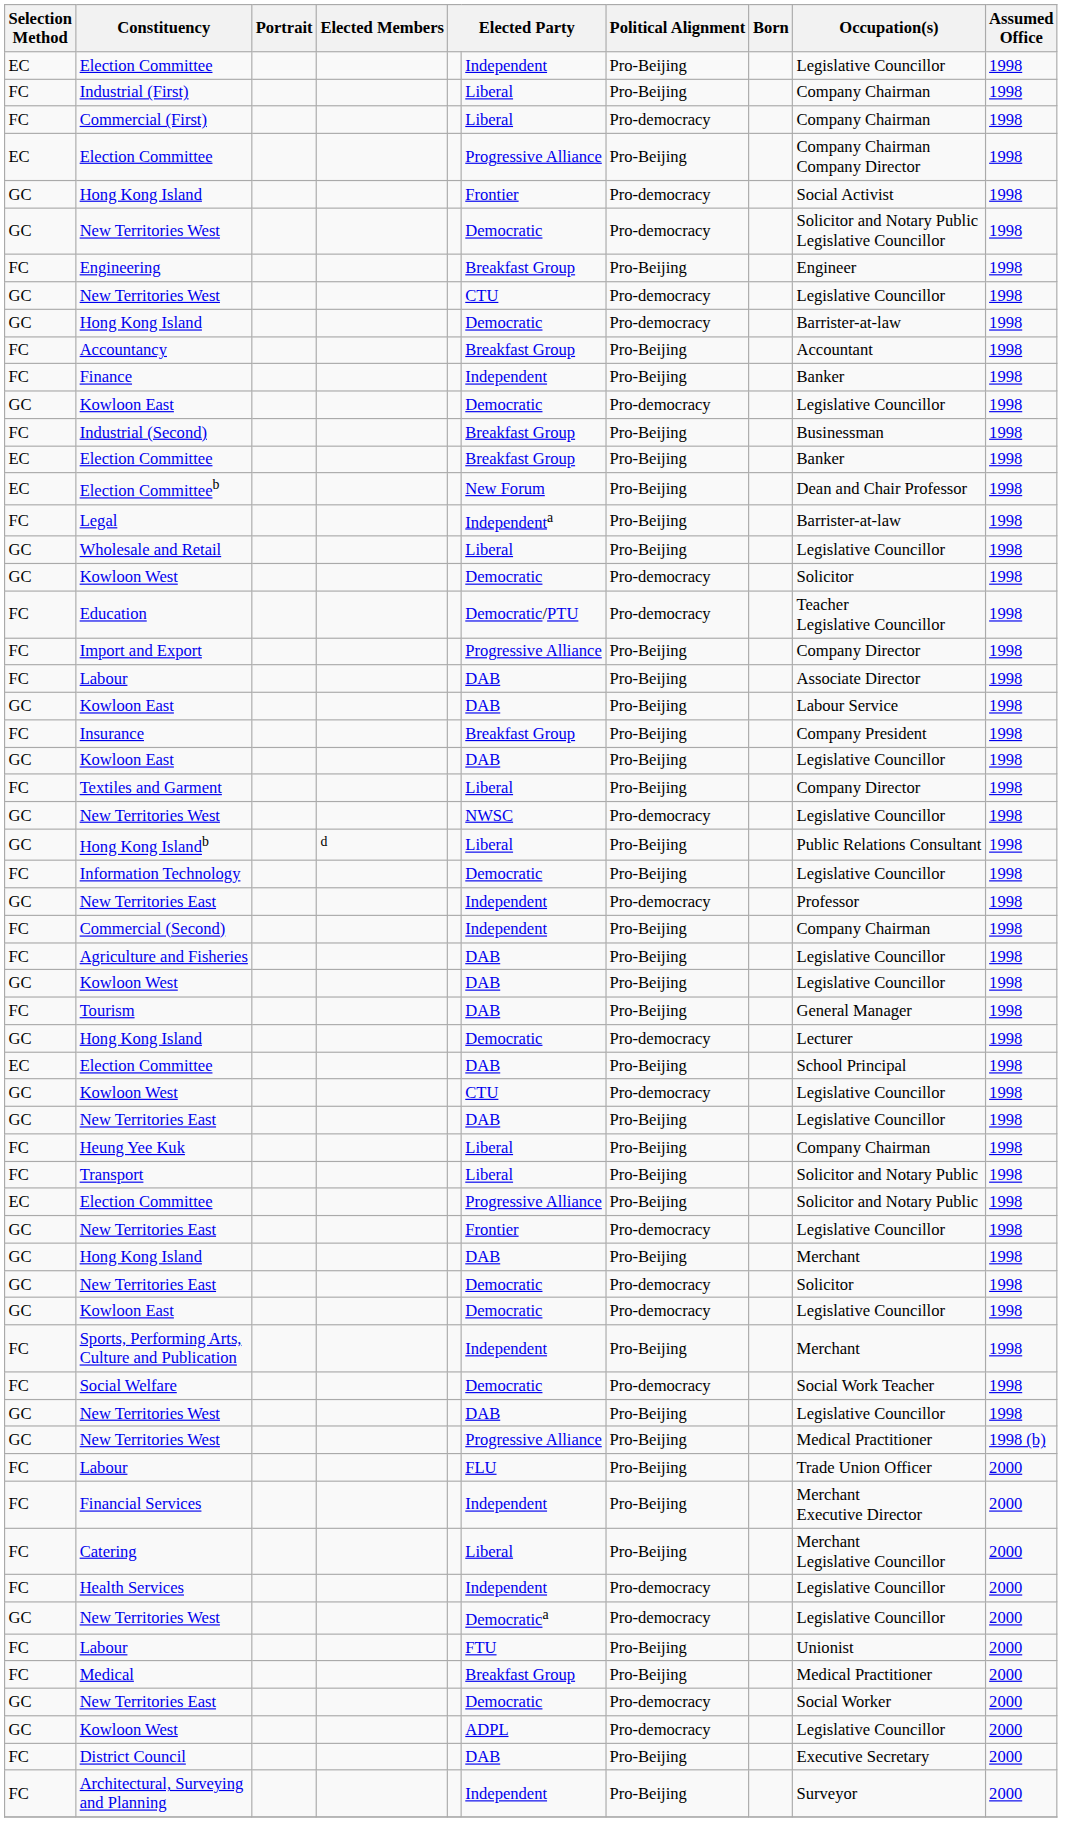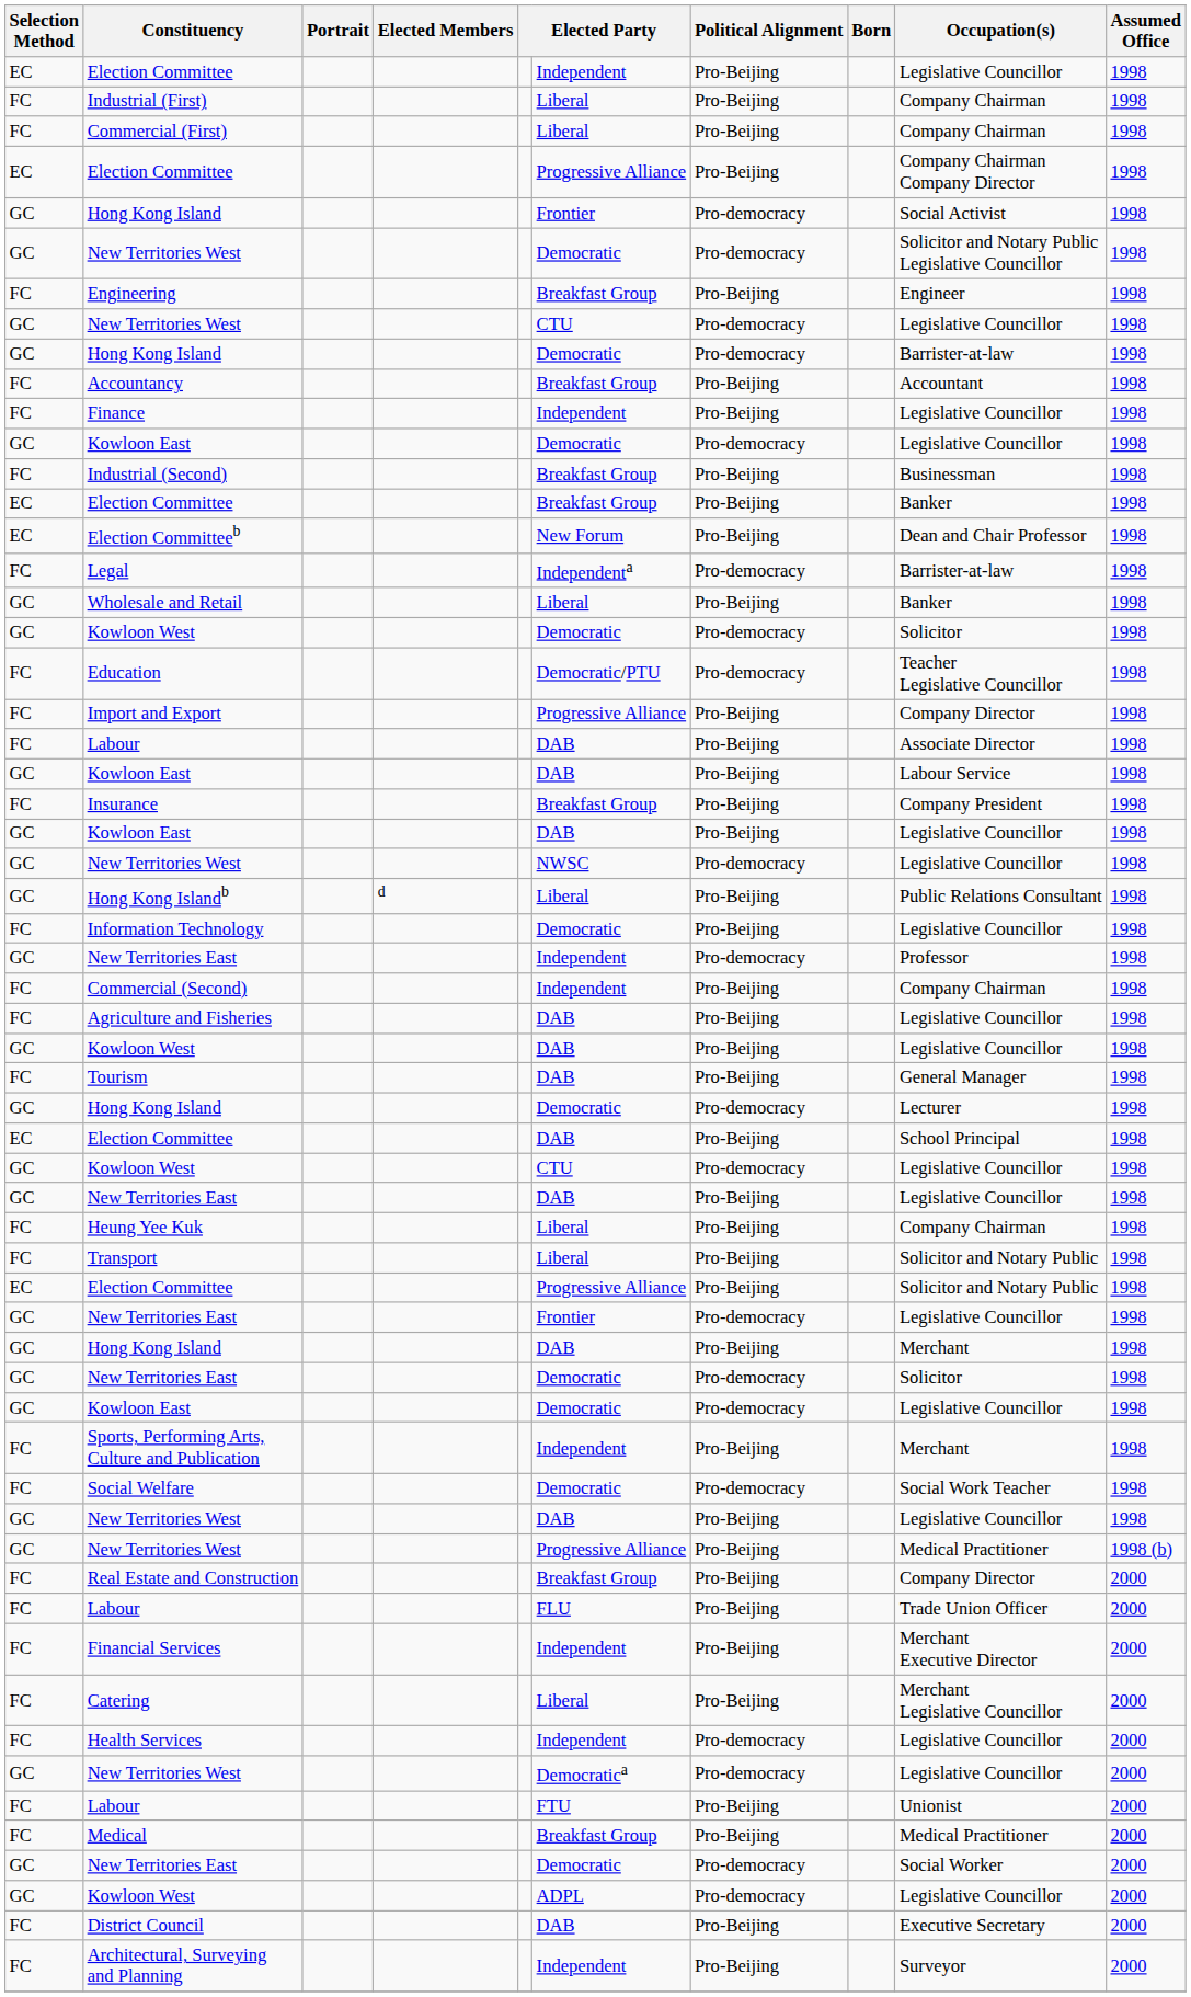 <table class="wikitable sortable" style="font-size:90%;">
 <tr>
 <th>Selection<br>Method</th>
 <th>Constituency</th>
 <th>Portrait</th>
 <th>Elected Members</th>
 <th colspan=2>Elected Party</th>
 <th>Political Alignment</th>
 <th>Born</th>
 <th>Occupation(s)</th>
 <th>Assumed<br>Office</th>
 </tr>
 <tr>
 <td>EC</td>
 <td><a href='#'>Election Committee</a></td>
 <td></td>
 <td></td>
 <td style="color:inherit;background:"></td>
 <td><a href='#'>Independent</a></td>
 <td>Pro-Beijing</td>
 <td></td>
 <td>Legislative Councillor</td>
 <td><a href='#'>1998</a></td>
 </tr>
 <tr>
 <td>FC</td>
 <td><a href='#'>Industrial (First)</a></td>
 <td></td>
 <td></td>
 <td style="color:inherit;background:"></td>
 <td><a href='#'>Liberal</a></td>
 <td>Pro-Beijing</td>
 <td></td>
 <td>Company Chairman</td>
 <td><a href='#'>1998</a></td>
 </tr>
 <tr>
 <td>FC</td>
 <td><a href='#'>Commercial (First)</a></td>
 <td></td>
 <td></td>
 <td style="color:inherit;background:"></td>
 <td><a href='#'>Liberal</a></td>
-<td>Pro-democracy</td>
+<td>Pro-Beijing</td>
 <td></td>
 <td>Company Chairman</td>
 <td><a href='#'>1998</a></td>
 </tr>
 <tr>
 <td>EC</td>
 <td><a href='#'>Election Committee</a></td>
 <td></td>
 <td></td>
 <td style="color:inherit;background:"></td>
 <td><a href='#'>Progressive Alliance</a></td>
 <td>Pro-Beijing</td>
 <td></td>
 <td>Company Chairman<br>Company Director</td>
 <td><a href='#'>1998</a></td>
 </tr>
 <tr>
 <td>GC</td>
 <td><a href='#'>Hong Kong Island</a></td>
 <td></td>
 <td></td>
 <td style="color:inherit;background:"></td>
 <td><a href='#'>Frontier</a></td>
 <td>Pro-democracy</td>
 <td></td>
 <td>Social Activist</td>
 <td><a href='#'>1998</a></td>
 </tr>
 <tr>
 <td>GC</td>
 <td><a href='#'>New Territories West</a></td>
 <td></td>
 <td></td>
 <td style="color:inherit;background:"></td>
 <td><a href='#'>Democratic</a></td>
 <td>Pro-democracy</td>
 <td></td>
 <td>Solicitor and Notary Public<br>Legislative Councillor</td>
 <td><a href='#'>1998</a></td>
 </tr>
 <tr>
 <td>FC</td>
 <td><a href='#'>Engineering</a></td>
 <td></td>
 <td></td>
 <td style="color:inherit;background:"></td>
 <td><a href='#'>Breakfast Group</a></td>
 <td>Pro-Beijing</td>
 <td></td>
 <td>Engineer</td>
 <td><a href='#'>1998</a></td>
 </tr>
 <tr>
 <td>GC</td>
 <td><a href='#'>New Territories West</a></td>
 <td></td>
 <td></td>
 <td style="color:inherit;background:"></td>
 <td><a href='#'>CTU</a></td>
 <td>Pro-democracy</td>
 <td></td>
 <td>Legislative Councillor</td>
 <td><a href='#'>1998</a></td>
 </tr>
 <tr>
 <td>GC</td>
 <td><a href='#'>Hong Kong Island</a></td>
 <td></td>
 <td></td>
 <td style="color:inherit;background:"></td>
 <td><a href='#'>Democratic</a></td>
 <td>Pro-democracy</td>
 <td></td>
 <td>Barrister-at-law</td>
 <td><a href='#'>1998</a></td>
 </tr>
 <tr>
 <td>FC</td>
 <td><a href='#'>Accountancy</a></td>
 <td></td>
 <td></td>
 <td style="color:inherit;background:"></td>
 <td><a href='#'>Breakfast Group</a></td>
 <td>Pro-Beijing</td>
 <td></td>
 <td>Accountant</td>
 <td><a href='#'>1998</a></td>
 </tr>
 <tr>
 <td>FC</td>
 <td><a href='#'>Finance</a></td>
 <td></td>
 <td></td>
 <td style="color:inherit;background:"></td>
 <td><a href='#'>Independent</a></td>
 <td>Pro-Beijing</td>
 <td></td>
-<td>Banker</td>
+<td>Legislative Councillor</td>
 <td><a href='#'>1998</a></td>
 </tr>
 <tr>
 <td>GC</td>
 <td><a href='#'>Kowloon East</a></td>
 <td></td>
 <td></td>
 <td style="color:inherit;background:"></td>
 <td><a href='#'>Democratic</a></td>
 <td>Pro-democracy</td>
 <td></td>
 <td>Legislative Councillor</td>
 <td><a href='#'>1998</a></td>
 </tr>
 <tr>
 <td>FC</td>
 <td><a href='#'>Industrial (Second)</a></td>
 <td></td>
 <td></td>
 <td style="color:inherit;background:"></td>
 <td><a href='#'>Breakfast Group</a></td>
 <td>Pro-Beijing</td>
 <td></td>
 <td>Businessman</td>
 <td><a href='#'>1998</a></td>
 </tr>
 <tr>
 <td>EC</td>
 <td><a href='#'>Election Committee</a></td>
 <td></td>
 <td></td>
 <td style="color:inherit;background:"></td>
 <td><a href='#'>Breakfast Group</a></td>
 <td>Pro-Beijing</td>
 <td></td>
 <td>Banker</td>
 <td><a href='#'>1998</a></td>
 </tr>
 <tr>
 <td>EC</td>
 <td><a href='#'>Election Committee</a><sup>b</sup></td>
 <td></td>
 <td><em></em></td>
 <td style="color:inherit;background:"></td>
 <td><a href='#'>New Forum</a></td>
 <td>Pro-Beijing</td>
 <td></td>
 <td>Dean and Chair Professor</td>
 <td><a href='#'>1998</a></td>
 </tr>
 <tr>
 <td>FC</td>
 <td><a href='#'>Legal</a></td>
 <td></td>
 <td></td>
 <td style="color:inherit;background:"></td>
 <td><a href='#'>Independent</a><sup>a</sup></td>
-<td>Pro-Beijing</td>
+<td>Pro-democracy</td>
 <td></td>
 <td>Barrister-at-law</td>
 <td><a href='#'>1998</a></td>
 </tr>
 <tr>
 <td>GC</td>
 <td><a href='#'>Wholesale and Retail</a></td>
 <td></td>
 <td></td>
 <td style="color:inherit;background:"></td>
 <td><a href='#'>Liberal</a></td>
 <td>Pro-Beijing</td>
 <td></td>
-<td>Legislative Councillor</td>
+<td>Banker</td>
 <td><a href='#'>1998</a></td>
 </tr>
 <tr>
 <td>GC</td>
 <td><a href='#'>Kowloon West</a></td>
 <td></td>
 <td></td>
 <td style="color:inherit;background:"></td>
 <td><a href='#'>Democratic</a></td>
 <td>Pro-democracy</td>
 <td></td>
 <td>Solicitor</td>
 <td><a href='#'>1998</a></td>
 </tr>
 <tr>
 <td>FC</td>
 <td><a href='#'>Education</a></td>
 <td></td>
 <td></td>
 <td style="color:inherit;background:"></td>
 <td><a href='#'>Democratic</a>/<a href='#'>PTU</a></td>
 <td>Pro-democracy</td>
 <td></td>
 <td>Teacher<br>Legislative Councillor</td>
 <td><a href='#'>1998</a></td>
 </tr>
 <tr>
 <td>FC</td>
 <td><a href='#'>Import and Export</a></td>
 <td></td>
 <td></td>
 <td style="color:inherit;background:"></td>
 <td><a href='#'>Progressive Alliance</a></td>
 <td>Pro-Beijing</td>
 <td></td>
 <td>Company Director</td>
 <td><a href='#'>1998</a></td>
 </tr>
 <tr>
 <td>FC</td>
 <td><a href='#'>Labour</a></td>
 <td></td>
 <td></td>
 <td style="color:inherit;background:"></td>
 <td><a href='#'>DAB</a></td>
 <td>Pro-Beijing</td>
 <td></td>
 <td>Associate Director</td>
 <td><a href='#'>1998</a></td>
 </tr>
 <tr>
 <td>GC</td>
 <td><a href='#'>Kowloon East</a></td>
 <td></td>
 <td></td>
 <td style="color:inherit;background:"></td>
 <td><a href='#'>DAB</a></td>
 <td>Pro-Beijing</td>
 <td></td>
 <td>Labour Service</td>
 <td><a href='#'>1998</a></td>
 </tr>
 <tr>
 <td>FC</td>
 <td><a href='#'>Insurance</a></td>
 <td></td>
 <td></td>
 <td style="color:inherit;background:"></td>
 <td><a href='#'>Breakfast Group</a></td>
 <td>Pro-Beijing</td>
 <td></td>
 <td>Company President</td>
 <td><a href='#'>1998</a></td>
 </tr>
 <tr>
 <td>GC</td>
 <td><a href='#'>Kowloon East</a></td>
 <td></td>
 <td></td>
 <td style="color:inherit;background:"></td>
 <td><a href='#'>DAB</a></td>
 <td>Pro-Beijing</td>
 <td></td>
 <td>Legislative Councillor</td>
-<td><a href='#'>1998</a></td>
-</tr>
-<tr>
-<td>FC</td>
-<td><a href='#'>Textiles and Garment</a></td>
-<td></td>
-<td></td>
-<td style="color:inherit;background:"></td>
-<td><a href='#'>Liberal</a></td>
-<td>Pro-Beijing</td>
-<td></td>
-<td>Company Director</td>
 <td><a href='#'>1998</a></td>
 </tr>
 <tr>
 <td>GC</td>
 <td><a href='#'>New Territories West</a></td>
 <td></td>
 <td></td>
 <td style="color:inherit;background:"></td>
 <td><a href='#'>NWSC</a></td>
 <td>Pro-democracy</td>
 <td></td>
 <td>Legislative Councillor</td>
 <td><a href='#'>1998</a></td>
 </tr>
 <tr>
 <td>GC</td>
 <td><a href='#'>Hong Kong Island</a><sup>b</sup></td>
 <td></td>
 <td><em></em><sup>d</sup></td>
 <td style="color:inherit;background:"></td>
 <td><a href='#'>Liberal</a></td>
 <td>Pro-Beijing</td>
 <td></td>
 <td>Public Relations Consultant</td>
 <td><a href='#'>1998</a></td>
 </tr>
 <tr>
 <td>FC</td>
 <td><a href='#'>Information Technology</a></td>
 <td></td>
 <td></td>
 <td style="color:inherit;background:"></td>
 <td><a href='#'>Democratic</a></td>
 <td>Pro-Beijing</td>
 <td></td>
 <td>Legislative Councillor</td>
 <td><a href='#'>1998</a></td>
 </tr>
 <tr>
 <td>GC</td>
 <td><a href='#'>New Territories East</a></td>
 <td></td>
 <td></td>
 <td style="color:inherit;background:"></td>
 <td><a href='#'>Independent</a></td>
 <td>Pro-democracy</td>
 <td></td>
 <td>Professor</td>
 <td><a href='#'>1998</a></td>
 </tr>
 <tr>
 <td>FC</td>
 <td><a href='#'>Commercial (Second)</a></td>
 <td></td>
 <td></td>
 <td style="color:inherit;background:"></td>
 <td><a href='#'>Independent</a></td>
 <td>Pro-Beijing</td>
 <td></td>
 <td>Company Chairman</td>
 <td><a href='#'>1998</a></td>
 </tr>
 <tr>
 <td>FC</td>
 <td><a href='#'>Agriculture and Fisheries</a></td>
 <td></td>
 <td></td>
 <td style="color:inherit;background:"></td>
 <td><a href='#'>DAB</a></td>
 <td>Pro-Beijing</td>
 <td></td>
 <td>Legislative Councillor</td>
 <td><a href='#'>1998</a></td>
 </tr>
 <tr>
 <td>GC</td>
 <td><a href='#'>Kowloon West</a></td>
 <td></td>
 <td></td>
 <td width=5px></td>
 <td><a href='#'>DAB</a></td>
 <td>Pro-Beijing</td>
 <td></td>
 <td>Legislative Councillor</td>
 <td><a href='#'>1998</a></td>
 </tr>
 <tr>
 <td>FC</td>
 <td><a href='#'>Tourism</a></td>
 <td></td>
 <td></td>
 <td style="color:inherit;background:"></td>
 <td><a href='#'>DAB</a></td>
 <td>Pro-Beijing</td>
 <td></td>
 <td>General Manager</td>
 <td><a href='#'>1998</a></td>
 </tr>
 <tr>
 <td>GC</td>
 <td><a href='#'>Hong Kong Island</a></td>
 <td></td>
 <td></td>
 <td style="color:inherit;background:"></td>
 <td><a href='#'>Democratic</a></td>
 <td>Pro-democracy</td>
 <td></td>
 <td>Lecturer</td>
 <td><a href='#'>1998</a></td>
 </tr>
 <tr>
 <td>EC</td>
 <td><a href='#'>Election Committee</a></td>
 <td></td>
 <td></td>
 <td style="color:inherit;background:"></td>
 <td><a href='#'>DAB</a></td>
 <td>Pro-Beijing</td>
 <td></td>
 <td>School Principal</td>
 <td><a href='#'>1998</a></td>
 </tr>
 <tr>
 <td>GC</td>
 <td><a href='#'>Kowloon West</a></td>
 <td></td>
 <td></td>
 <td style="color:inherit;background:"></td>
 <td><a href='#'>CTU</a></td>
 <td>Pro-democracy</td>
 <td></td>
 <td>Legislative Councillor</td>
 <td><a href='#'>1998</a></td>
 </tr>
 <tr>
 <td>GC</td>
 <td><a href='#'>New Territories East</a></td>
 <td></td>
 <td></td>
 <td style="color:inherit;background:"></td>
 <td><a href='#'>DAB</a></td>
 <td>Pro-Beijing</td>
 <td></td>
 <td>Legislative Councillor</td>
 <td><a href='#'>1998</a></td>
 </tr>
 <tr>
 <td>FC</td>
 <td><a href='#'>Heung Yee Kuk</a></td>
 <td></td>
 <td></td>
 <td style="color:inherit;background:"></td>
 <td><a href='#'>Liberal</a></td>
 <td>Pro-Beijing</td>
 <td></td>
 <td>Company Chairman</td>
 <td><a href='#'>1998</a></td>
 </tr>
 <tr>
 <td>FC</td>
 <td><a href='#'>Transport</a></td>
 <td></td>
 <td></td>
 <td style="color:inherit;background:"></td>
 <td><a href='#'>Liberal</a></td>
 <td>Pro-Beijing</td>
 <td></td>
 <td>Solicitor and Notary Public</td>
 <td><a href='#'>1998</a></td>
 </tr>
 <tr>
 <td>EC</td>
 <td><a href='#'>Election Committee</a></td>
 <td></td>
 <td></td>
 <td style="color:inherit;background:"></td>
 <td><a href='#'>Progressive Alliance</a></td>
 <td>Pro-Beijing</td>
 <td></td>
 <td>Solicitor and Notary Public</td>
 <td><a href='#'>1998</a></td>
 </tr>
 <tr>
 <td>GC</td>
 <td><a href='#'>New Territories East</a></td>
 <td></td>
 <td></td>
 <td style="color:inherit;background:"></td>
 <td><a href='#'>Frontier</a></td>
 <td>Pro-democracy</td>
 <td></td>
 <td>Legislative Councillor</td>
 <td><a href='#'>1998</a></td>
 </tr>
 <tr>
 <td>GC</td>
 <td><a href='#'>Hong Kong Island</a></td>
 <td></td>
 <td></td>
 <td style="color:inherit;background:"></td>
 <td><a href='#'>DAB</a></td>
 <td>Pro-Beijing</td>
 <td></td>
 <td>Merchant</td>
 <td><a href='#'>1998</a></td>
 </tr>
 <tr>
 <td>GC</td>
 <td><a href='#'>New Territories East</a></td>
 <td></td>
 <td></td>
 <td style="color:inherit;background:"></td>
 <td><a href='#'>Democratic</a></td>
 <td>Pro-democracy</td>
 <td></td>
 <td>Solicitor</td>
 <td><a href='#'>1998</a></td>
 </tr>
 <tr>
 <td>GC</td>
 <td><a href='#'>Kowloon East</a></td>
 <td></td>
 <td></td>
 <td style="color:inherit;background:"></td>
 <td><a href='#'>Democratic</a></td>
 <td>Pro-democracy</td>
 <td></td>
 <td>Legislative Councillor</td>
 <td><a href='#'>1998</a></td>
 </tr>
 <tr>
 <td>FC</td>
 <td><a href='#'>Sports, Performing Arts,<br>Culture and Publication</a></td>
 <td></td>
 <td></td>
 <td style="color:inherit;background:"></td>
 <td><a href='#'>Independent</a></td>
 <td>Pro-Beijing</td>
 <td></td>
 <td>Merchant</td>
 <td><a href='#'>1998</a></td>
 </tr>
 <tr>
 <td>FC</td>
 <td><a href='#'>Social Welfare</a></td>
 <td></td>
 <td></td>
 <td style="color:inherit;background:"></td>
 <td><a href='#'>Democratic</a></td>
 <td>Pro-democracy</td>
 <td></td>
 <td>Social Work Teacher</td>
 <td><a href='#'>1998</a></td>
 </tr>
 <tr>
 <td>GC</td>
 <td><a href='#'>New Territories West</a></td>
 <td></td>
 <td></td>
 <td style="color:inherit;background:"></td>
 <td><a href='#'>DAB</a></td>
 <td>Pro-Beijing</td>
 <td></td>
 <td>Legislative Councillor</td>
 <td><a href='#'>1998</a></td>
 </tr>
 <tr>
 <td>GC</td>
 <td><a href='#'>New Territories West</a></td>
 <td></td>
 <td></td>
 <td style="color:inherit;background:"></td>
 <td><a href='#'>Progressive Alliance</a></td>
 <td>Pro-Beijing</td>
 <td></td>
 <td>Medical Practitioner</td>
 <td><a href='#'>1998 (b)</a></td>
 </tr>
 <tr>
 <td>FC</td>
+<td><a href='#'>Real Estate and Construction</a></td>
+<td></td>
+<td></td>
+<td style="color:inherit;background:"></td>
+<td><a href='#'>Breakfast Group</a></td>
+<td>Pro-Beijing</td>
+<td></td>
+<td>Company Director</td>
+<td><a href='#'>2000</a></td>
+</tr>
+<tr>
+<td>FC</td>
 <td><a href='#'>Labour</a></td>
 <td></td>
 <td></td>
 <td style="color:inherit;background:"></td>
 <td><a href='#'>FLU</a></td>
 <td>Pro-Beijing</td>
 <td></td>
 <td>Trade Union Officer</td>
 <td><a href='#'>2000</a></td>
 </tr>
 <tr>
 <td>FC</td>
 <td><a href='#'>Financial Services</a></td>
 <td></td>
 <td></td>
 <td style="color:inherit;background:"></td>
 <td><a href='#'>Independent</a></td>
 <td>Pro-Beijing</td>
 <td></td>
 <td>Merchant<br>Executive Director</td>
 <td><a href='#'>2000</a></td>
 </tr>
 <tr>
 <td>FC</td>
 <td><a href='#'>Catering</a></td>
 <td></td>
 <td></td>
 <td style="color:inherit;background:"></td>
 <td><a href='#'>Liberal</a></td>
 <td>Pro-Beijing</td>
 <td></td>
 <td>Merchant<br>Legislative Councillor</td>
 <td><a href='#'>2000</a></td>
 </tr>
 <tr>
 <td>FC</td>
 <td><a href='#'>Health Services</a></td>
 <td></td>
 <td></td>
 <td style="color:inherit;background:"></td>
 <td><a href='#'>Independent</a></td>
 <td>Pro-democracy</td>
 <td></td>
 <td>Legislative Councillor</td>
 <td><a href='#'>2000</a></td>
 </tr>
 <tr>
 <td>GC</td>
 <td><a href='#'>New Territories West</a></td>
 <td></td>
 <td></td>
 <td style="color:inherit;background:"></td>
 <td><a href='#'>Democratic</a><sup>a</sup></td>
 <td>Pro-democracy</td>
 <td></td>
 <td>Legislative Councillor</td>
 <td><a href='#'>2000</a></td>
 </tr>
 <tr>
 <td>FC</td>
 <td><a href='#'>Labour</a></td>
 <td></td>
 <td></td>
 <td style="color:inherit;background:"></td>
 <td><a href='#'>FTU</a></td>
 <td>Pro-Beijing</td>
 <td></td>
 <td>Unionist</td>
 <td><a href='#'>2000</a></td>
 </tr>
 <tr>
 <td>FC</td>
 <td><a href='#'>Medical</a></td>
 <td></td>
 <td></td>
 <td style="color:inherit;background:"></td>
 <td><a href='#'>Breakfast Group</a></td>
 <td>Pro-Beijing</td>
 <td></td>
 <td>Medical Practitioner</td>
 <td><a href='#'>2000</a></td>
 </tr>
 <tr>
 <td>GC</td>
 <td><a href='#'>New Territories East</a></td>
 <td></td>
 <td></td>
 <td style="color:inherit;background:"></td>
 <td><a href='#'>Democratic</a></td>
 <td>Pro-democracy</td>
 <td></td>
 <td>Social Worker</td>
 <td><a href='#'>2000</a></td>
 </tr>
 <tr>
 <td>GC</td>
 <td><a href='#'>Kowloon West</a></td>
 <td></td>
 <td></td>
 <td style="color:inherit;background:"></td>
 <td><a href='#'>ADPL</a></td>
 <td>Pro-democracy</td>
 <td></td>
 <td>Legislative Councillor</td>
 <td><a href='#'>2000</a></td>
 </tr>
 <tr>
 <td>FC</td>
 <td><a href='#'>District Council</a></td>
 <td></td>
 <td></td>
 <td style="color:inherit;background:"></td>
 <td><a href='#'>DAB</a></td>
 <td>Pro-Beijing</td>
 <td></td>
 <td>Executive Secretary</td>
 <td><a href='#'>2000</a></td>
 </tr>
 <tr>
 <td>FC</td>
 <td><a href='#'>Architectural, Surveying<br>and Planning</a></td>
 <td></td>
 <td></td>
 <td style="color:inherit;background:"></td>
 <td><a href='#'>Independent</a></td>
 <td>Pro-Beijing</td>
 <td></td>
 <td>Surveyor</td>
 <td><a href='#'>2000</a></td>
 </tr>
 <tr>
 </tr>
 </table>
